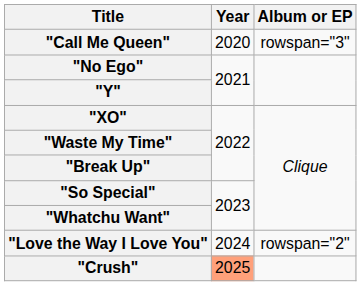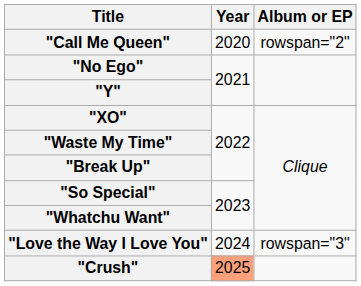 <table class="wikitable plainrowheaders" style="text-align:center;">
 <tr>
 <th scope="col">Title</th>
 <th scope="col">Year</th>
 <th scope="col">Album or EP</th>
 </tr>
 <tr>
 <th scope="row">"Call Me Queen"</th>
 <td>2020</td>
-<td>rowspan="3" </td>
+<td>rowspan="2" </td>
 </tr>
 <tr>
 <th scope="row">"No Ego"</th>
 <td rowspan=2>2021</td>
 </tr>
 <tr>
 <th scope="row">"Y"</th>
 </tr>
 <tr>
 <th scope="row">"XO"</th>
 <td rowspan="3">2022</td>
 <td rowspan="5"><em>Clique</em></td>
 </tr>
 <tr>
 <th scope="row">"Waste My Time"</th>
 </tr>
 <tr>
 <th scope="row">"Break Up"</th>
 </tr>
 <tr>
 <th scope="row">"So Special"</th>
 <td rowspan="2">2023</td>
 </tr>
 <tr>
 <th scope="row">"Whatchu Want"</th>
 </tr>
 <tr>
 <th scope="row">"Love the Way I Love You"</th>
 <td>2024</td>
-<td>rowspan="2" </td>
+<td>rowspan="3" </td>
 </tr>
 <tr>
 <th scope="row">"Crush"</th>
 <td style="background: lightsalmon;">2025</td>
 </tr>
 </table>
